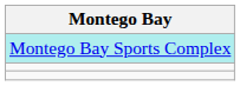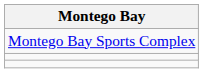 <table class="wikitable">
 <tr>
 <th>Montego Bay</th>
 </tr>
 <tr>
-<td style="background: paleturquoise;"><a href='#'>Montego Bay Sports Complex</a></td>
+<td><a href='#'>Montego Bay Sports Complex</a></td>
 </tr>
 <tr>
 <td></td>
 </tr>
 <tr>
 <td><small></small></td>
 </tr>
 </table>
